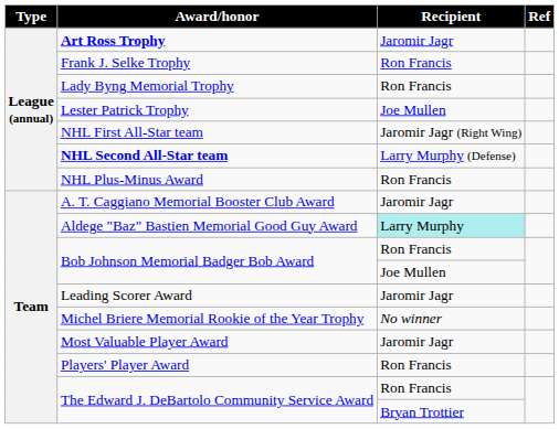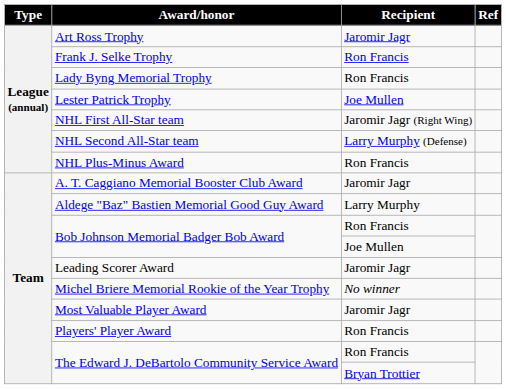 <table class="wikitable">
 <tr>
 <th style="color:white; background:#000000; ">Type</th>
 <th style="color:white; background:#000000; ">Award/honor</th>
 <th style="color:white; background:#000000; ">Recipient</th>
 <th style="color:white; background:#000000; ">Ref</th>
 </tr>
 <tr>
 <th scope="row" rowspan="7">League<br><small>(annual)</small></th>
-<td><strong><a href='#'>Art Ross Trophy</a></strong></td>
+<td><a href='#'>Art Ross Trophy</a></td>
 <td><a href='#'>Jaromir Jagr</a></td>
 <td></td>
 </tr>
 <tr>
 <td><a href='#'>Frank J. Selke Trophy</a></td>
 <td><a href='#'>Ron Francis</a></td>
 <td></td>
 </tr>
 <tr>
 <td><a href='#'>Lady Byng Memorial Trophy</a></td>
 <td>Ron Francis</td>
 <td></td>
 </tr>
 <tr>
 <td><a href='#'>Lester Patrick Trophy</a></td>
 <td><a href='#'>Joe Mullen</a></td>
 <td></td>
 </tr>
 <tr>
 <td><a href='#'>NHL First All-Star team</a></td>
 <td>Jaromir Jagr <small>(Right Wing)</small></td>
 <td></td>
 </tr>
 <tr>
-<td><strong><a href='#'>NHL Second All-Star team</a></strong></td>
+<td><a href='#'>NHL Second All-Star team</a></td>
 <td><a href='#'>Larry Murphy</a> <small>(Defense)</small></td>
 <td></td>
 </tr>
 <tr>
 <td><a href='#'>NHL Plus-Minus Award</a></td>
 <td>Ron Francis</td>
 <td></td>
 </tr>
 <tr>
 <th scope="row" rowspan="10">Team</th>
 <td><a href='#'>A. T. Caggiano Memorial Booster Club Award</a></td>
 <td>Jaromir Jagr</td>
 <td></td>
 </tr>
 <tr>
 <td><a href='#'>Aldege "Baz" Bastien Memorial Good Guy Award</a></td>
-<td style="background: paleturquoise;">Larry Murphy</td>
+<td>Larry Murphy</td>
 <td></td>
 </tr>
 <tr>
 <td rowspan="2"><a href='#'>Bob Johnson Memorial Badger Bob Award</a></td>
 <td>Ron Francis</td>
 <td rowspan="2"></td>
 </tr>
 <tr>
 <td>Joe Mullen</td>
 </tr>
 <tr>
 <td>Leading Scorer Award</td>
 <td>Jaromir Jagr</td>
 <td></td>
 </tr>
 <tr>
 <td><a href='#'>Michel Briere Memorial Rookie of the Year Trophy</a></td>
 <td><em>No winner</em></td>
 <td></td>
 </tr>
 <tr>
 <td><a href='#'>Most Valuable Player Award</a></td>
 <td>Jaromir Jagr</td>
 <td></td>
 </tr>
 <tr>
 <td><a href='#'>Players' Player Award</a></td>
 <td>Ron Francis</td>
 <td></td>
 </tr>
 <tr>
 <td rowspan="2"><a href='#'>The Edward J. DeBartolo Community Service Award</a></td>
 <td>Ron Francis</td>
 <td rowspan="2"></td>
 </tr>
 <tr>
 <td><a href='#'>Bryan Trottier</a></td>
 </tr>
 </table>
